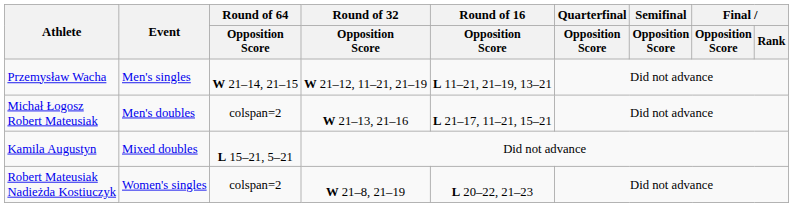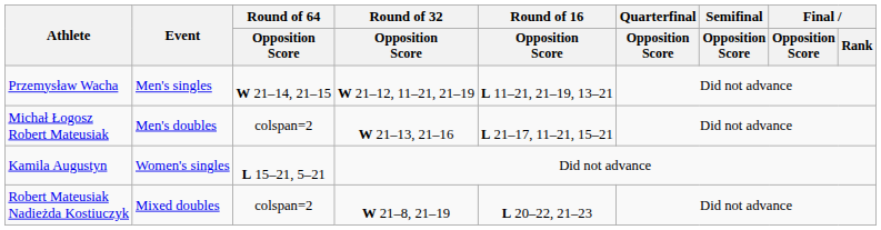 <table class=wikitable style="font-size:90%">
 <tr>
 <th rowspan="2">Athlete</th>
 <th rowspan="2">Event</th>
 <th>Round of 64</th>
 <th>Round of 32</th>
 <th>Round of 16</th>
 <th>Quarterfinal</th>
 <th>Semifinal</th>
 <th colspan=2>Final / </th>
 </tr>
 <tr style="font-size:95%">
 <th>Opposition<br>Score</th>
 <th>Opposition<br>Score</th>
 <th>Opposition<br>Score</th>
 <th>Opposition<br>Score</th>
 <th>Opposition<br>Score</th>
 <th>Opposition<br>Score</th>
 <th>Rank</th>
 </tr>
 <tr align=center>
 <td align=left><a href='#'>Przemysław Wacha</a></td>
 <td align=left><a href='#'>Men's singles</a></td>
 <td><br><strong>W</strong> 21–14, 21–15</td>
 <td><br><strong>W</strong> 21–12, 11–21, 21–19</td>
 <td><br><strong>L</strong> 11–21, 21–19, 13–21</td>
 <td colspan=4>Did not advance</td>
 </tr>
 <tr align=center>
 <td align=left><a href='#'>Michał Łogosz</a><br><a href='#'>Robert Mateusiak</a></td>
 <td align=left><a href='#'>Men's doubles</a></td>
 <td>colspan=2 </td>
 <td><br><strong>W</strong> 21–13, 21–16</td>
 <td><br><strong>L</strong> 21–17, 11–21, 15–21</td>
 <td colspan=4>Did not advance</td>
 </tr>
 <tr align=center>
 <td align=left><a href='#'>Kamila Augustyn</a></td>
-<td align=left><a href='#'>Mixed doubles</a></td>
+<td align=left><a href='#'>Women's singles</a></td>
 <td><br><strong>L</strong> 15–21, 5–21</td>
 <td colspan=6>Did not advance</td>
 </tr>
 <tr align=center>
 <td align=left><a href='#'>Robert Mateusiak</a><br> <a href='#'>Nadieżda Kostiuczyk</a></td>
-<td align=left><a href='#'>Women's singles</a></td>
+<td align=left><a href='#'>Mixed doubles</a></td>
 <td>colspan=2 </td>
 <td><br><strong>W</strong> 21–8, 21–19</td>
 <td><br><strong>L</strong> 20–22, 21–23</td>
 <td colspan=4>Did not advance</td>
 </tr>
 </table>
